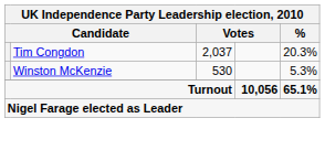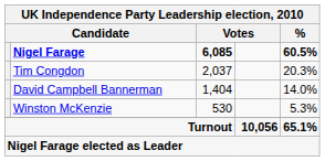 <table class="wikitable" style="font-size: 95%;">
 <tr>
 <th colspan="5">UK Independence Party Leadership election, 2010</th>
 </tr>
 <tr>
 <th colspan="2" style="width: 190px">Candidate</th>
 <th colspan="2" style="width: 100px">Votes</th>
 <th style="width: 40px">%</th>
 </tr>
 <tr>
 <th style="background-color: "></th>
+<td style="width: 230px"> <strong><a href='#'>Nigel Farage</a></strong></td>
+<td style="text-align:right;"><strong>  6,085  </strong></td>
+<td align=center></td>
+<td style="text-align:right;"><strong>60.5%</strong></td>
+</tr>
+<tr>
+<th style="background-color: "></th>
 <td style="width: 230px"><a href='#'>Tim Congdon</a></td>
 <td style="text-align:right;">2,037</td>
 <td align=center></td>
 <td style="text-align:right;">20.3%</td>
+</tr>
+<tr>
+<th style="background-color: "></th>
+<td style="width: 230px"><a href='#'>David Campbell Bannerman</a></td>
+<td style="text-align:right;">1,404</td>
+<td align=center></td>
+<td style="text-align:right;">14.0%</td>
 </tr>
 <tr>
 <th style="background-color: "></th>
 <td style="width: 210px"><a href='#'>Winston McKenzie</a></td>
 <td style="text-align:right;">530</td>
 <td align=center></td>
 <td style="text-align:right;">5.3%</td>
 </tr>
 <tr>
 </tr>
 <tr style="background:#f6f6f6; text-align:right;">
 <td colspan="3"><strong>Turnout</strong></td>
 <td><strong> 10,056 </strong></td>
 <td><strong>65.1%</strong></td>
 </tr>
 <tr style="background:#f6f6f6;">
 <td colspan="5"><strong>Nigel Farage elected as Leader </strong></td>
 </tr>
 </table>
